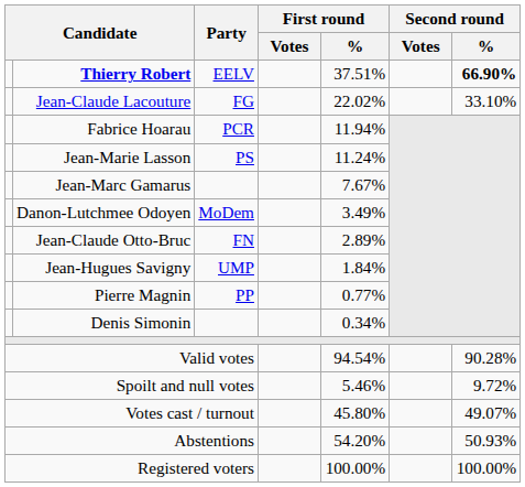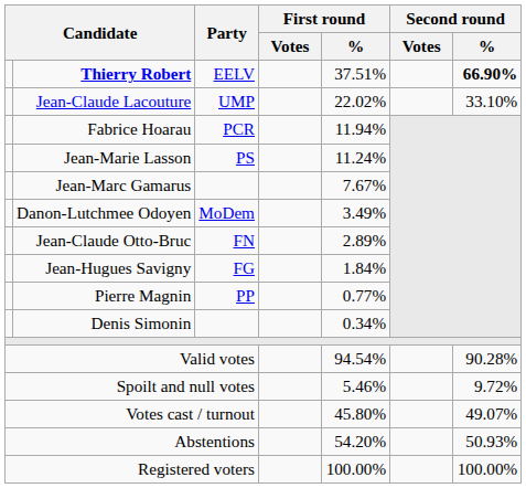 <table class="wikitable" style="text-align:right;font-size:95%;">
 <tr>
 <th rowspan=2 colspan=2>Candidate</th>
 <th rowspan=2 colspan=1>Party</th>
 <th colspan=2>First round</th>
 <th colspan=2>Second round</th>
 </tr>
 <tr>
 <th style="width:50px;">Votes</th>
 <th style="width:55px;">%</th>
 <th style="width:50px;">Votes</th>
 <th style="width:55px;">%</th>
 </tr>
 <tr>
 <td style="color:inherit;background-color:"></td>
 <td><strong><a href='#'>Thierry Robert</a></strong></td>
 <td><a href='#'>EELV</a></td>
 <td></td>
 <td>37.51%</td>
 <td><strong></strong></td>
 <td><strong>66.90%</strong></td>
 </tr>
 <tr>
 <td style="color:inherit;background-color:"></td>
 <td><a href='#'>Jean-Claude Lacouture</a></td>
-<td><a href='#'>FG</a></td>
+<td><a href='#'>UMP</a></td>
 <td></td>
 <td>22.02%</td>
 <td></td>
 <td>33.10%</td>
 </tr>
 <tr>
 <td style="color:inherit;background-color:"></td>
 <td>Fabrice Hoarau</td>
 <td><a href='#'>PCR</a></td>
 <td></td>
 <td>11.94%</td>
 <td colspan=7 rowspan=8 style="background-color:#E9E9E9;"></td>
 </tr>
 <tr>
 <td style="color:inherit;background-color:"></td>
 <td>Jean-Marie Lasson</td>
 <td><a href='#'>PS</a></td>
 <td></td>
 <td>11.24%</td>
 </tr>
 <tr>
 <td style="background-color:;"></td>
 <td>Jean-Marc Gamarus</td>
 <td></td>
 <td></td>
 <td>7.67%</td>
 </tr>
 <tr>
 <td style="color:inherit;background-color:"></td>
 <td>Danon-Lutchmee Odoyen</td>
 <td><a href='#'>MoDem</a></td>
 <td></td>
 <td>3.49%</td>
 </tr>
 <tr>
 <td style="color:inherit;background-color:"></td>
 <td>Jean-Claude Otto-Bruc</td>
 <td><a href='#'>FN</a></td>
 <td></td>
 <td>2.89%</td>
 </tr>
 <tr>
 <td style="color:inherit;background-color:"></td>
 <td>Jean-Hugues Savigny</td>
-<td><a href='#'>UMP</a></td>
+<td><a href='#'>FG</a></td>
 <td></td>
 <td>1.84%</td>
 </tr>
 <tr>
 <td style="color:inherit;background-color:"></td>
 <td>Pierre Magnin</td>
 <td><a href='#'>PP</a></td>
 <td></td>
 <td>0.77%</td>
 </tr>
 <tr>
 <td style="background-color:;"></td>
 <td>Denis Simonin</td>
 <td></td>
 <td></td>
 <td>0.34%</td>
 </tr>
 <tr>
 <td colspan=7 style="background-color:#E9E9E9;"></td>
 </tr>
 <tr>
 <td colspan=3>Valid votes</td>
 <td></td>
 <td>94.54%</td>
 <td></td>
 <td>90.28%</td>
 </tr>
 <tr>
 <td colspan=3>Spoilt and null votes</td>
 <td></td>
 <td>5.46%</td>
 <td></td>
 <td>9.72%</td>
 </tr>
 <tr>
 <td colspan=3>Votes cast / turnout</td>
 <td></td>
 <td>45.80%</td>
 <td></td>
 <td>49.07%</td>
 </tr>
 <tr>
 <td colspan=3>Abstentions</td>
 <td></td>
 <td>54.20%</td>
 <td></td>
 <td>50.93%</td>
 </tr>
 <tr>
 <td colspan=3>Registered voters</td>
 <td></td>
 <td>100.00%</td>
 <td></td>
 <td>100.00%</td>
 </tr>
 </table>
